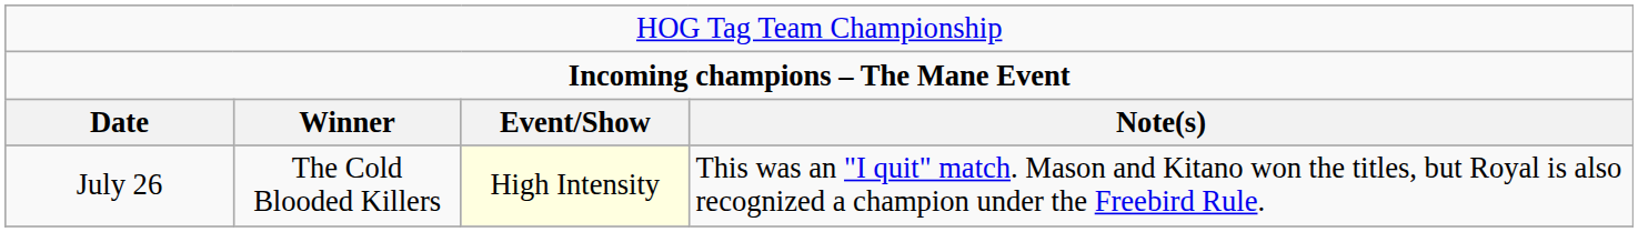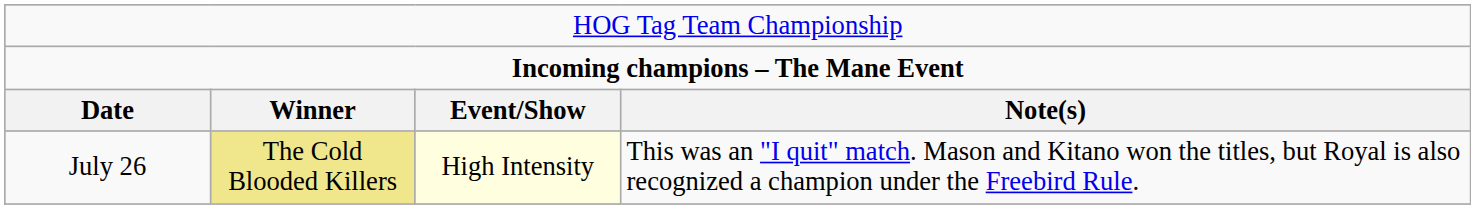 <table class="wikitable" style="text-align:center; width:100%;">
 <tr>
 <td colspan="4" style="text-align: center;"><a href='#'>HOG Tag Team Championship</a></td>
 </tr>
 <tr>
 <td colspan="4" style="text-align: center;"><strong>Incoming champions – The Mane Event </strong></td>
 </tr>
 <tr>
 <th width=14%>Date</th>
 <th width=14%>Winner</th>
 <th width=14%>Event/Show</th>
 <th width=58%>Note(s)</th>
 </tr>
 <tr>
 <td>July 26</td>
-<td>The Cold Blooded Killers<br></td>
+<td style="background: khaki;">The Cold Blooded Killers<br></td>
 <td style="background: lightyellow;">High Intensity</td>
 <td align=left>This was an <a href='#'>"I quit" match</a>. Mason and Kitano won the titles, but Royal is also recognized a champion under the <a href='#'>Freebird Rule</a>.</td>
 </tr>
 </table>
